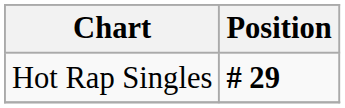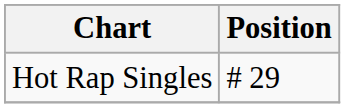 <table class="wikitable">
 <tr>
 <th align="left">Chart</th>
 <th align="left">Position</th>
 </tr>
 <tr>
 <td align="left">Hot Rap Singles</td>
-<td align="left"><strong># 29</strong></td>
+<td align="left"># 29</td>
 </tr>
 <tr>
 </tr>
 </table>
